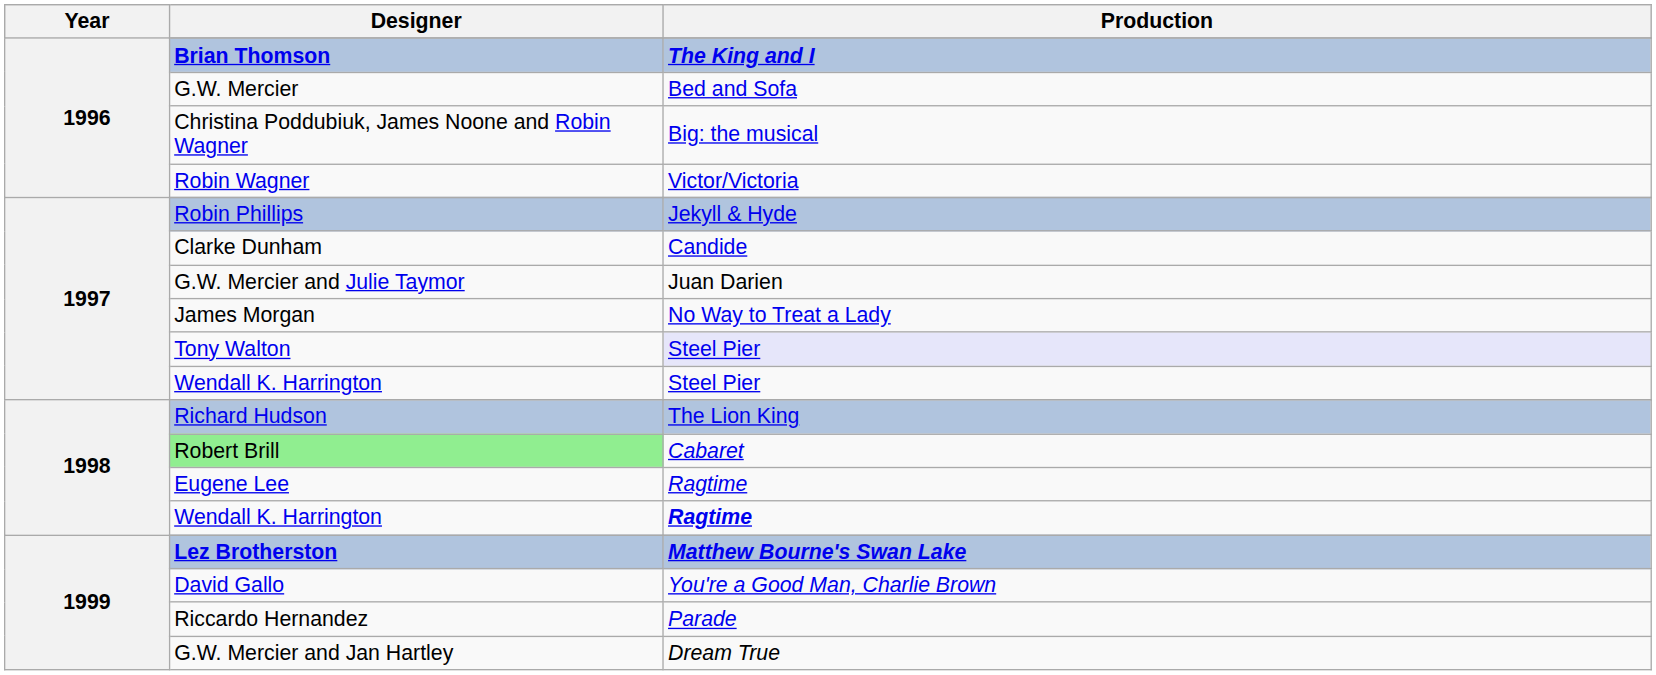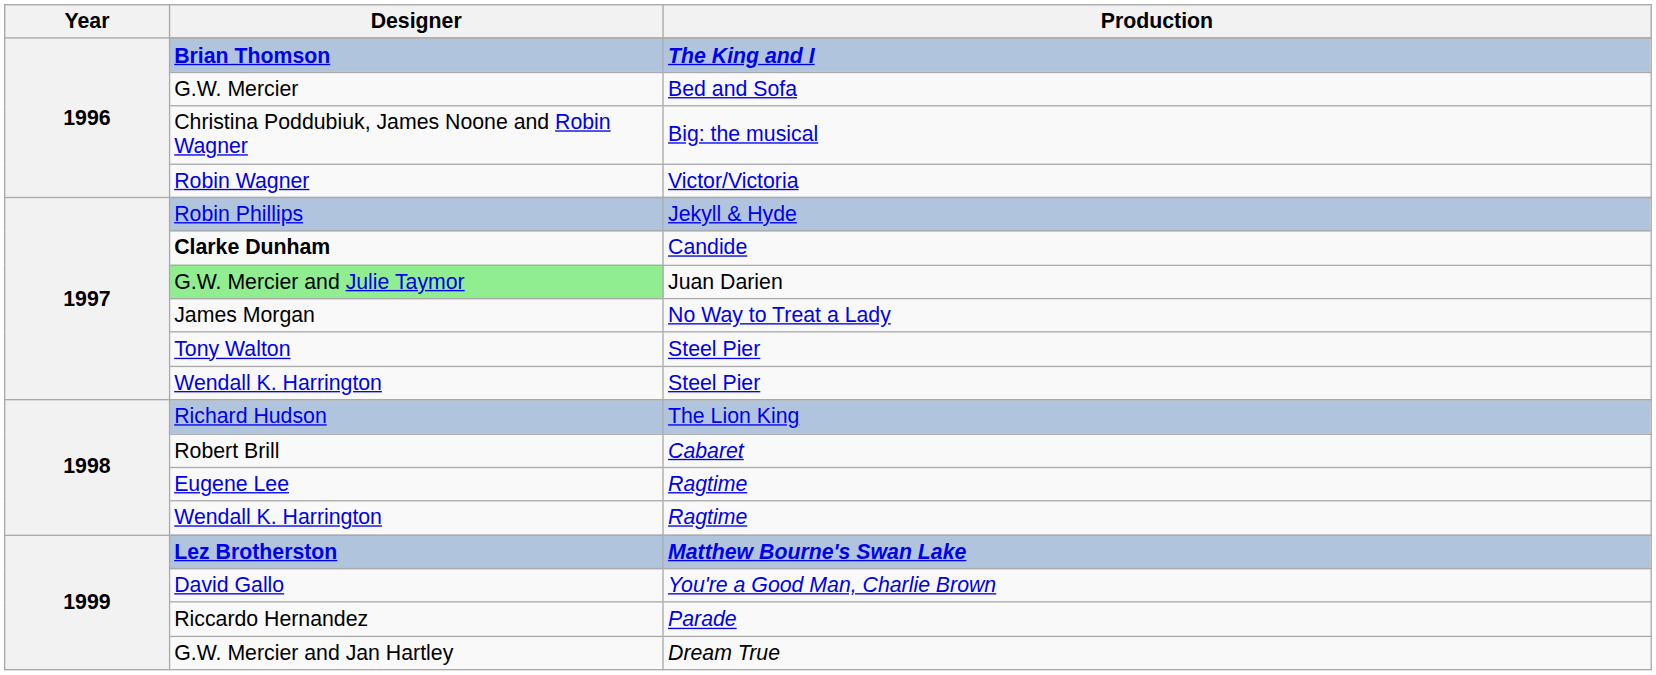 <table class="wikitable" style="width:98%;">
 <tr style="background:#bebebe;">
 <th style="width:10%;">Year</th>
 <th style="width:30%;">Designer</th>
 <th style="width:60%;">Production</th>
 </tr>
 <tr>
 <th rowspan="5">1996</th>
 </tr>
 <tr style="background:#B0C4DE">
 <td><strong><a href='#'>Brian Thomson</a></strong></td>
 <td><strong><em><a href='#'>The King and I</a><em> <strong></td>
 </tr>
 <tr>
 <td>G.W. Mercier</td>
 <td></em><a href='#'>Bed and Sofa</a><em></td>
 </tr>
 <tr>
 <td>Christina Poddubiuk, James Noone and <a href='#'>Robin Wagner</a></td>
 <td></em><a href='#'>Big: the musical</a><em></td>
 </tr>
 <tr>
 <td><a href='#'>Robin Wagner</a></td>
 <td></em><a href='#'>Victor/Victoria</a><em></td>
 </tr>
 <tr>
 <th rowspan="7">1997</th>
 </tr>
 <tr style="background:#B0C4DE">
 <td></strong><a href='#'>Robin Phillips</a><strong></td>
 <td></em></strong><a href='#'>Jekyll & Hyde</a><strong><em></td>
 </tr>
 <tr>
-<td>Clarke Dunham</td>
+<td><strong>Clarke Dunham</strong></td>
 <td></em><a href='#'>Candide</a><em></td>
 </tr>
 <tr>
-<td>G.W. Mercier and <a href='#'>Julie Taymor</a></td>
+<td style="background: lightgreen;">G.W. Mercier and <a href='#'>Julie Taymor</a></td>
 <td></em>Juan Darien<em></td>
 </tr>
 <tr>
 <td>James Morgan</td>
 <td></em><a href='#'>No Way to Treat a Lady</a><em></td>
 </tr>
 <tr>
 <td><a href='#'>Tony Walton</a></td>
-<td style="background: lavender;"></em><a href='#'>Steel Pier</a><em></td>
+<td></em><a href='#'>Steel Pier</a><em></td>
 </tr>
 <tr>
 <td><a href='#'>Wendall K. Harrington</a></td>
 <td></em><a href='#'>Steel Pier</a><em></td>
 </tr>
 <tr>
 <th rowspan="5">1998</th>
 </tr>
 <tr style="background:#B0C4DE">
 <td></strong><a href='#'>Richard Hudson</a><strong></td>
 <td></em></strong><a href='#'>The Lion King</a></em> </strong></td>
 </tr>
 <tr>
-<td style="background: lightgreen;">Robert Brill</td>
+<td>Robert Brill</td>
 <td><em><a href='#'>Cabaret</a></em></td>
 </tr>
 <tr>
 <td><a href='#'>Eugene Lee</a></td>
 <td><em><a href='#'>Ragtime</a></em></td>
 </tr>
 <tr>
 <td><a href='#'>Wendall K. Harrington</a></td>
-<td><strong><em><a href='#'>Ragtime</a></em></strong></td>
+<td><em><a href='#'>Ragtime</a></em></td>
 </tr>
 <tr>
 <th rowspan="5">1999</th>
 </tr>
 <tr style="background:#B0C4DE">
 <td><strong><a href='#'>Lez Brotherston</a></strong></td>
 <td><strong><em><a href='#'>Matthew Bourne's Swan Lake</a></em></strong></td>
 </tr>
 <tr>
 <td><a href='#'>David Gallo</a></td>
 <td><em><a href='#'>You're a Good Man, Charlie Brown</a></em></td>
 </tr>
 <tr>
 <td>Riccardo Hernandez</td>
 <td><em><a href='#'>Parade</a></em></td>
 </tr>
 <tr>
 <td>G.W. Mercier and Jan Hartley</td>
 <td><em>Dream True</em></td>
 </tr>
 </table>
